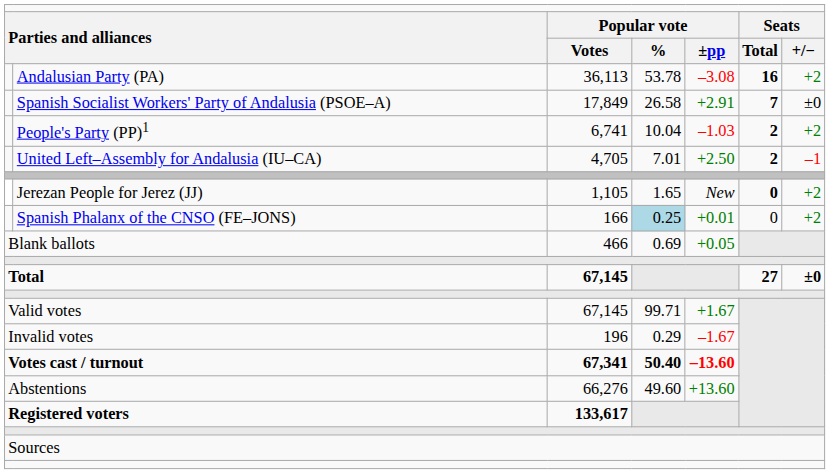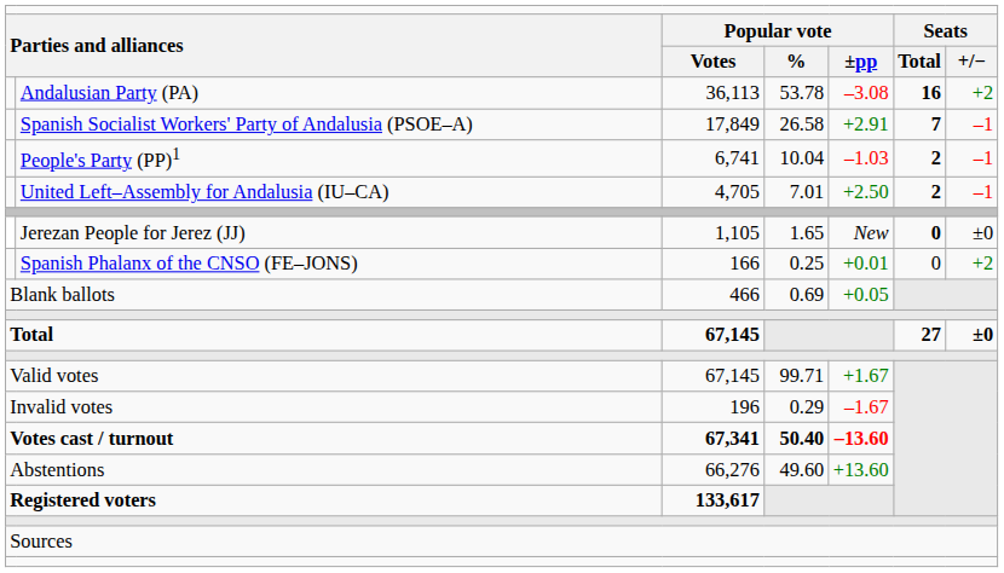 <table class="wikitable" style="text-align:right;">
 <tr>
 <td colspan="7"></td>
 </tr>
 <tr>
 <th style="text-align:left;" rowspan="2" colspan="2" width="525">Parties and alliances</th>
 <th colspan="3">Popular vote</th>
 <th colspan="2">Seats</th>
 </tr>
 <tr>
 <th width="75">Votes</th>
 <th width="45">%</th>
 <th width="45">±<a href='#'>pp</a></th>
 <th width="35">Total</th>
 <th width="35">+/−</th>
 </tr>
 <tr>
 <td width="1" style="color:inherit;background:"></td>
 <td align="left"><a href='#'>Andalusian Party</a> (PA)</td>
 <td>36,113</td>
 <td>53.78</td>
 <td style="color:red;">–3.08</td>
 <td><strong>16</strong></td>
 <td style="color:green;">+2</td>
 </tr>
 <tr>
 <td style="color:inherit;background:"></td>
 <td align="left"><a href='#'>Spanish Socialist Workers' Party of Andalusia</a> (PSOE–A)</td>
 <td>17,849</td>
 <td>26.58</td>
 <td style="color:green;">+2.91</td>
 <td><strong>7</strong></td>
-<td>±0</td>
+<td style="color:red;">–1</td>
 </tr>
 <tr>
 <td style="color:inherit;background:"></td>
 <td align="left"><a href='#'>People's Party</a> (PP)<sup>1</sup></td>
 <td>6,741</td>
 <td>10.04</td>
 <td style="color:red;">–1.03</td>
 <td><strong>2</strong></td>
-<td style="color:green;">+2</td>
+<td style="color:red;">–1</td>
 </tr>
 <tr>
 <td style="color:inherit;background:"></td>
 <td align="left"><a href='#'>United Left–Assembly for Andalusia</a> (IU–CA)</td>
 <td>4,705</td>
 <td>7.01</td>
 <td style="color:green;">+2.50</td>
 <td><strong>2</strong></td>
 <td style="color:red;">–1</td>
 </tr>
 <tr>
 <td colspan="7" bgcolor="#C0C0C0"></td>
 </tr>
 <tr>
 <td bgcolor="white"></td>
 <td align="left">Jerezan People for Jerez (JJ)</td>
 <td>1,105</td>
 <td>1.65</td>
 <td><em>New</em></td>
 <td><strong>0</strong></td>
-<td style="color:green;">+2</td>
+<td>±0</td>
 </tr>
 <tr>
 <td style="color:inherit;background:"></td>
 <td align="left"><a href='#'>Spanish Phalanx of the CNSO</a> (FE–JONS)</td>
 <td>166</td>
-<td style="background: lightblue;">0.25</td>
+<td>0.25</td>
 <td style="color:green;">+0.01</td>
 <td>0</td>
 <td style="color:green;">+2</td>
 </tr>
 <tr>
 <td align="left" colspan="2">Blank ballots</td>
 <td>466</td>
 <td>0.69</td>
 <td style="color:green;">+0.05</td>
 <td bgcolor="#E9E9E9" colspan="2"></td>
 </tr>
 <tr>
 <td colspan="7" bgcolor="#E9E9E9"></td>
 </tr>
 <tr style="font-weight:bold;">
 <td align="left" colspan="2">Total</td>
 <td>67,145</td>
 <td bgcolor="#E9E9E9" colspan="2"></td>
 <td>27</td>
 <td>±0</td>
 </tr>
 <tr>
 <td colspan="7" bgcolor="#E9E9E9"></td>
 </tr>
 <tr>
 <td align="left" colspan="2">Valid votes</td>
 <td>67,145</td>
 <td>99.71</td>
 <td style="color:green;">+1.67</td>
 <td bgcolor="#E9E9E9" colspan="2" rowspan="5"></td>
 </tr>
 <tr>
 <td align="left" colspan="2">Invalid votes</td>
 <td>196</td>
 <td>0.29</td>
 <td style="color:red;">–1.67</td>
 </tr>
 <tr style="font-weight:bold;">
 <td align="left" colspan="2">Votes cast / turnout</td>
 <td>67,341</td>
 <td>50.40</td>
 <td style="color:red;">–13.60</td>
 </tr>
 <tr>
 <td align="left" colspan="2">Abstentions</td>
 <td>66,276</td>
 <td>49.60</td>
 <td style="color:green;">+13.60</td>
 </tr>
 <tr style="font-weight:bold;">
 <td align="left" colspan="2">Registered voters</td>
 <td>133,617</td>
 <td bgcolor="#E9E9E9" colspan="2"></td>
 </tr>
 <tr>
 <td colspan="7" bgcolor="#E9E9E9"></td>
 </tr>
 <tr>
 <td align="left" colspan="7">Sources</td>
 </tr>
 <tr>
 <td colspan="7" style="text-align:left; max-width:790px;"></td>
 </tr>
 </table>
